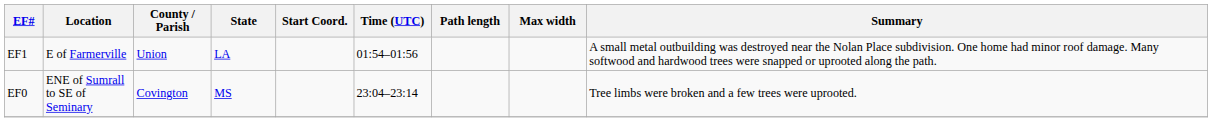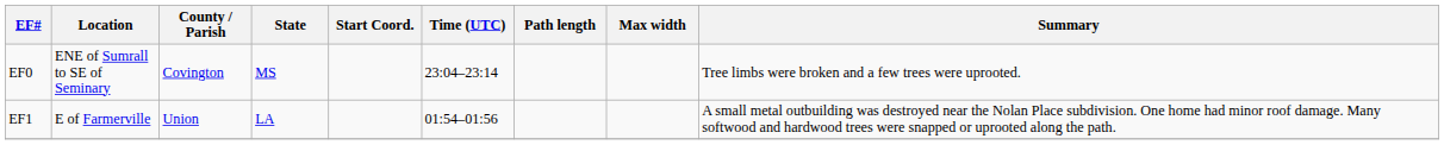 <table class="wikitable sortable" style="width:100%;">
 <tr>
 <th scope="col"  style="width:3%; text-align:center;"><a href='#'>EF#</a></th>
 <th scope="col"  style="width:7%; text-align:center;" class="unsortable">Location</th>
 <th scope="col"  style="width:6%; text-align:center;" class="unsortable">County / Parish</th>
 <th scope="col"  style="width:5%; text-align:center;">State</th>
 <th scope="col"  style="width:6%; text-align:center;">Start Coord.</th>
 <th scope="col"  style="width:6%; text-align:center;">Time (<a href='#'>UTC</a>)</th>
 <th scope="col"  style="width:6%; text-align:center;">Path length</th>
 <th scope="col"  style="width:6%; text-align:center;">Max width</th>
 <th scope="col" class="unsortable" style="width:48%; text-align:center;">Summary</th>
 </tr>
 <tr>
+<td>EF0</td>
+<td>ENE of <a href='#'>Sumrall</a> to SE of <a href='#'>Seminary</a></td>
+<td><a href='#'>Covington</a></td>
+<td><a href='#'>MS</a></td>
+<td></td>
+<td>23:04–23:14</td>
+<td></td>
+<td></td>
+<td>Tree limbs were broken and a few trees were uprooted.</td>
+</tr>
+<tr>
 <td>EF1</td>
 <td>E of <a href='#'>Farmerville</a></td>
 <td><a href='#'>Union</a></td>
 <td><a href='#'>LA</a></td>
 <td></td>
 <td>01:54–01:56</td>
 <td></td>
 <td></td>
 <td>A small metal outbuilding was destroyed near the Nolan Place subdivision. One home had minor roof damage. Many softwood and hardwood trees were snapped or uprooted along the path.</td>
 </tr>
 <tr>
-<td>EF0</td>
-<td>ENE of <a href='#'>Sumrall</a> to SE of <a href='#'>Seminary</a></td>
-<td><a href='#'>Covington</a></td>
-<td><a href='#'>MS</a></td>
-<td></td>
-<td>23:04–23:14</td>
-<td></td>
-<td></td>
-<td>Tree limbs were broken and a few trees were uprooted.</td>
-</tr>
-<tr>
 </tr>
 </table>
